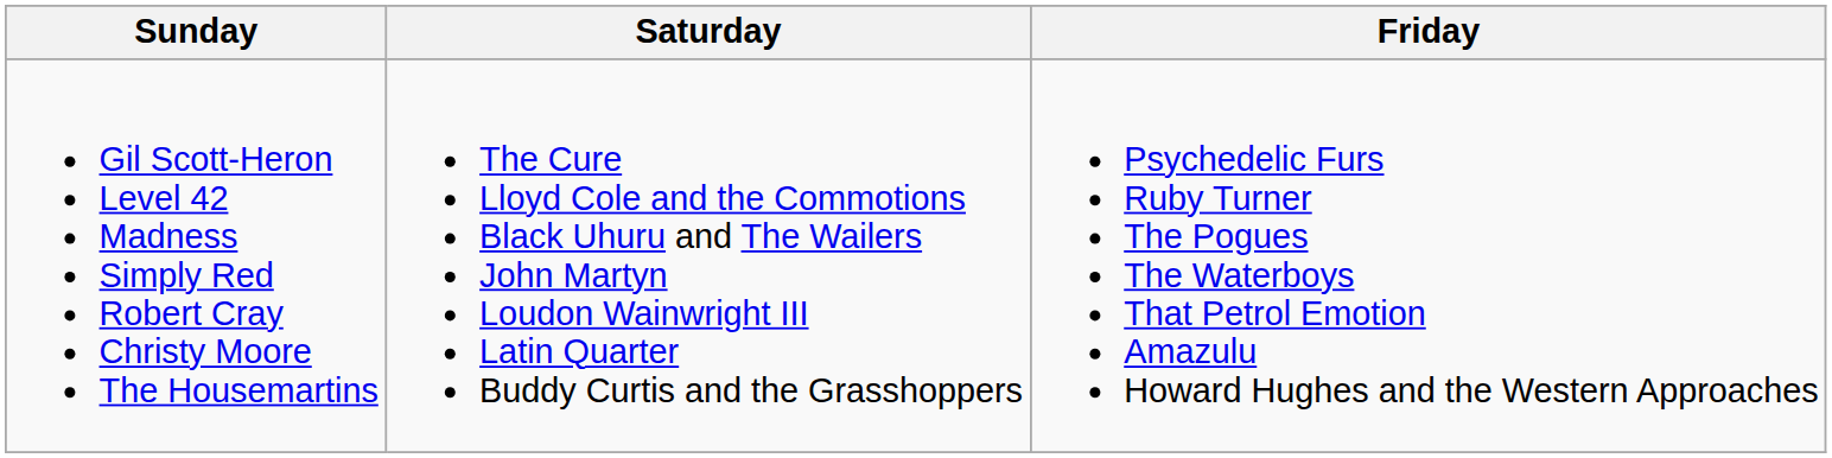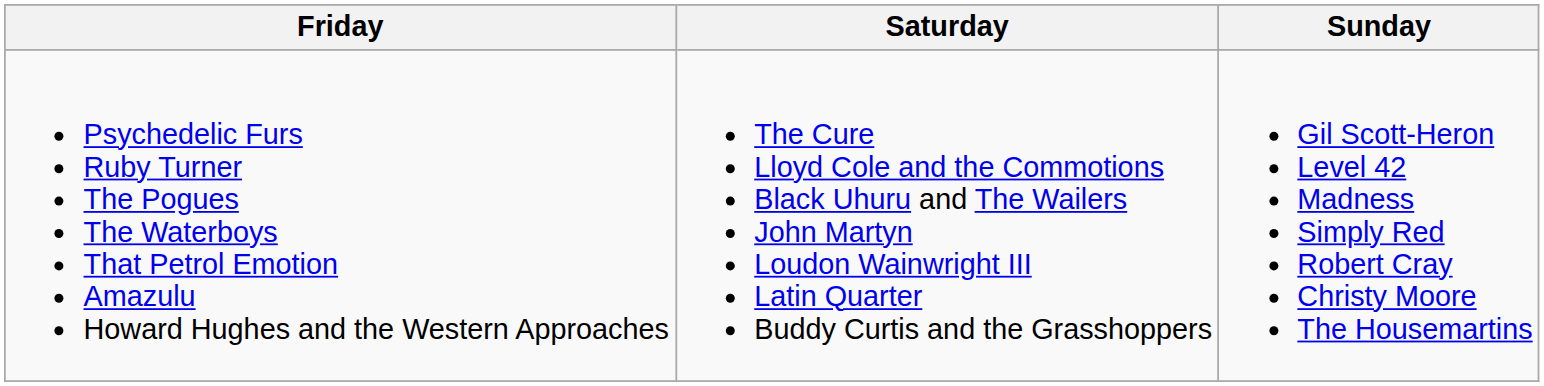 <table class="wikitable">
 <tr>
+<th>Friday</th>
+<th>Saturday</th>
 <th>Sunday</th>
-<th>Saturday</th>
-<th>Friday</th>
 </tr>
 <tr valign="top">
+<td><br><ul><li><a href='#'>Psychedelic Furs</a></li><li><a href='#'>Ruby Turner</a></li><li><a href='#'>The Pogues</a></li><li><a href='#'>The Waterboys</a></li><li><a href='#'>That Petrol Emotion</a></li><li><a href='#'>Amazulu</a></li><li>Howard Hughes and the Western Approaches</li></ul></td>
+<td><br><ul><li><a href='#'>The Cure</a></li><li><a href='#'>Lloyd Cole and the Commotions</a></li><li><a href='#'>Black Uhuru</a> and <a href='#'>The Wailers</a></li><li><a href='#'>John Martyn</a></li><li><a href='#'>Loudon Wainwright III</a></li><li><a href='#'>Latin Quarter</a></li><li>Buddy Curtis and the Grasshoppers</li></ul></td>
 <td><br><ul><li><a href='#'>Gil Scott-Heron</a></li><li><a href='#'>Level 42</a></li><li><a href='#'>Madness</a></li><li><a href='#'>Simply Red</a></li><li><a href='#'>Robert Cray</a></li><li><a href='#'>Christy Moore</a></li><li><a href='#'>The Housemartins</a></li></ul></td>
-<td><br><ul><li><a href='#'>The Cure</a></li><li><a href='#'>Lloyd Cole and the Commotions</a></li><li><a href='#'>Black Uhuru</a> and <a href='#'>The Wailers</a></li><li><a href='#'>John Martyn</a></li><li><a href='#'>Loudon Wainwright III</a></li><li><a href='#'>Latin Quarter</a></li><li>Buddy Curtis and the Grasshoppers</li></ul></td>
-<td><br><ul><li><a href='#'>Psychedelic Furs</a></li><li><a href='#'>Ruby Turner</a></li><li><a href='#'>The Pogues</a></li><li><a href='#'>The Waterboys</a></li><li><a href='#'>That Petrol Emotion</a></li><li><a href='#'>Amazulu</a></li><li>Howard Hughes and the Western Approaches</li></ul></td>
 </tr>
 </table>
